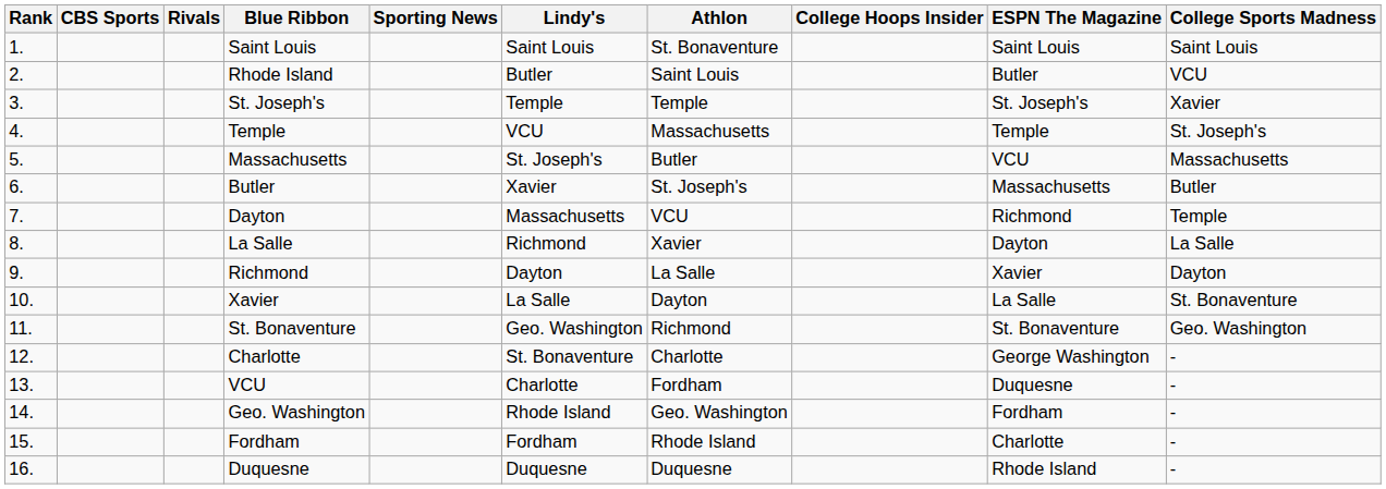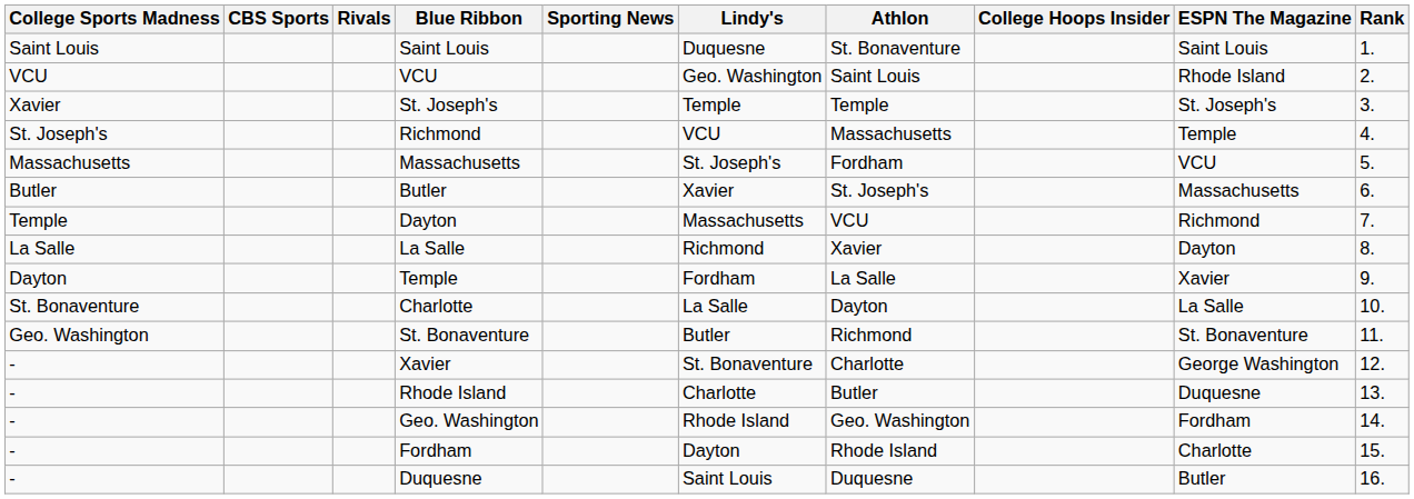 <table class="wikitable">
 <tr>
-<th>Rank</th>
+<th>College Sports Madness</th>
 <th>CBS Sports</th>
 <th>Rivals</th>
 <th>Blue Ribbon</th>
 <th>Sporting News</th>
 <th>Lindy's</th>
 <th>Athlon</th>
 <th>College Hoops Insider</th>
 <th>ESPN The Magazine</th>
-<th>College Sports Madness</th>
+<th>Rank</th>
 </tr>
 <tr>
-<td>1.</td>
+<td>Saint Louis</td>
 <td></td>
 <td></td>
 <td>Saint Louis</td>
 <td></td>
-<td>Saint Louis</td>
+<td>Duquesne</td>
 <td>St. Bonaventure</td>
 <td></td>
 <td>Saint Louis</td>
-<td>Saint Louis</td>
+<td>1.</td>
 </tr>
 <tr>
-<td>2.</td>
+<td>VCU</td>
 <td></td>
 <td></td>
-<td>Rhode Island</td>
+<td>VCU</td>
 <td></td>
-<td>Butler</td>
+<td>Geo. Washington</td>
 <td>Saint Louis</td>
 <td></td>
-<td>Butler</td>
-<td>VCU</td>
+<td>Rhode Island</td>
+<td>2.</td>
 </tr>
 <tr>
-<td>3.</td>
+<td>Xavier</td>
 <td></td>
 <td></td>
 <td>St. Joseph's</td>
 <td></td>
 <td>Temple</td>
 <td>Temple</td>
 <td></td>
 <td>St. Joseph's</td>
-<td>Xavier</td>
+<td>3.</td>
 </tr>
 <tr>
-<td>4.</td>
+<td>St. Joseph's</td>
 <td></td>
 <td></td>
-<td>Temple</td>
+<td>Richmond</td>
 <td></td>
 <td>VCU</td>
 <td>Massachusetts</td>
 <td></td>
 <td>Temple</td>
-<td>St. Joseph's</td>
+<td>4.</td>
 </tr>
 <tr>
-<td>5.</td>
+<td>Massachusetts</td>
 <td></td>
 <td></td>
 <td>Massachusetts</td>
 <td></td>
 <td>St. Joseph's</td>
-<td>Butler</td>
+<td>Fordham</td>
 <td></td>
 <td>VCU</td>
-<td>Massachusetts</td>
+<td>5.</td>
 </tr>
 <tr>
-<td>6.</td>
+<td>Butler</td>
 <td></td>
 <td></td>
 <td>Butler</td>
 <td></td>
 <td>Xavier</td>
 <td>St. Joseph's</td>
 <td></td>
 <td>Massachusetts</td>
-<td>Butler</td>
+<td>6.</td>
 </tr>
 <tr>
-<td>7.</td>
+<td>Temple</td>
 <td></td>
 <td></td>
 <td>Dayton</td>
 <td></td>
 <td>Massachusetts</td>
 <td>VCU</td>
 <td></td>
 <td>Richmond</td>
-<td>Temple</td>
+<td>7.</td>
 </tr>
 <tr>
-<td>8.</td>
+<td>La Salle</td>
 <td></td>
 <td></td>
 <td>La Salle</td>
 <td></td>
 <td>Richmond</td>
 <td>Xavier</td>
 <td></td>
 <td>Dayton</td>
-<td>La Salle</td>
+<td>8.</td>
 </tr>
 <tr>
-<td>9.</td>
+<td>Dayton</td>
 <td></td>
 <td></td>
-<td>Richmond</td>
+<td>Temple</td>
 <td></td>
-<td>Dayton</td>
+<td>Fordham</td>
 <td>La Salle</td>
 <td></td>
 <td>Xavier</td>
-<td>Dayton</td>
+<td>9.</td>
 </tr>
 <tr>
-<td>10.</td>
+<td>St. Bonaventure</td>
 <td></td>
 <td></td>
-<td>Xavier</td>
+<td>Charlotte</td>
 <td></td>
 <td>La Salle</td>
 <td>Dayton</td>
 <td></td>
 <td>La Salle</td>
-<td>St. Bonaventure</td>
+<td>10.</td>
 </tr>
 <tr>
-<td>11.</td>
+<td>Geo. Washington</td>
 <td></td>
 <td></td>
 <td>St. Bonaventure</td>
 <td></td>
-<td>Geo. Washington</td>
+<td>Butler</td>
 <td>Richmond</td>
 <td></td>
 <td>St. Bonaventure</td>
-<td>Geo. Washington</td>
+<td>11.</td>
 </tr>
 <tr>
-<td>12.</td>
+<td>-</td>
 <td></td>
 <td></td>
-<td>Charlotte</td>
+<td>Xavier</td>
 <td></td>
 <td>St. Bonaventure</td>
 <td>Charlotte</td>
 <td></td>
 <td>George Washington</td>
-<td>-</td>
+<td>12.</td>
 </tr>
 <tr>
-<td>13.</td>
+<td>-</td>
 <td></td>
 <td></td>
-<td>VCU</td>
+<td>Rhode Island</td>
 <td></td>
 <td>Charlotte</td>
-<td>Fordham</td>
+<td>Butler</td>
 <td></td>
 <td>Duquesne</td>
-<td>-</td>
+<td>13.</td>
 </tr>
 <tr>
-<td>14.</td>
+<td>-</td>
 <td></td>
 <td></td>
 <td>Geo. Washington</td>
 <td></td>
 <td>Rhode Island</td>
 <td>Geo. Washington</td>
 <td></td>
 <td>Fordham</td>
-<td>-</td>
+<td>14.</td>
 </tr>
 <tr>
-<td>15.</td>
+<td>-</td>
 <td></td>
 <td></td>
 <td>Fordham</td>
 <td></td>
-<td>Fordham</td>
+<td>Dayton</td>
 <td>Rhode Island</td>
 <td></td>
 <td>Charlotte</td>
-<td>-</td>
+<td>15.</td>
 </tr>
 <tr>
-<td>16.</td>
+<td>-</td>
 <td></td>
 <td></td>
 <td>Duquesne</td>
 <td></td>
-<td>Duquesne</td>
+<td>Saint Louis</td>
 <td>Duquesne</td>
 <td></td>
-<td>Rhode Island</td>
-<td>-</td>
+<td>Butler</td>
+<td>16.</td>
 </tr>
 </table>
